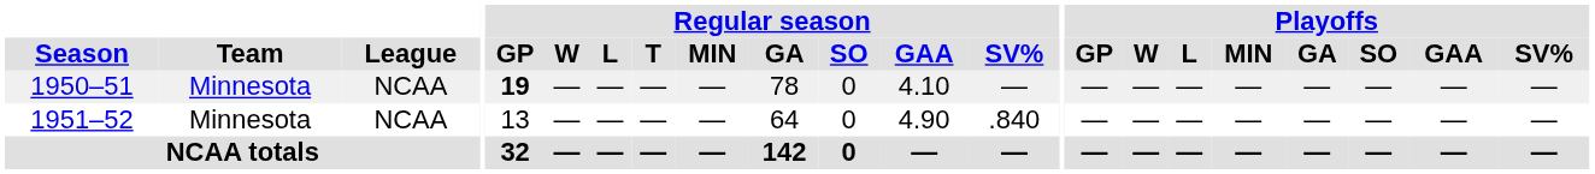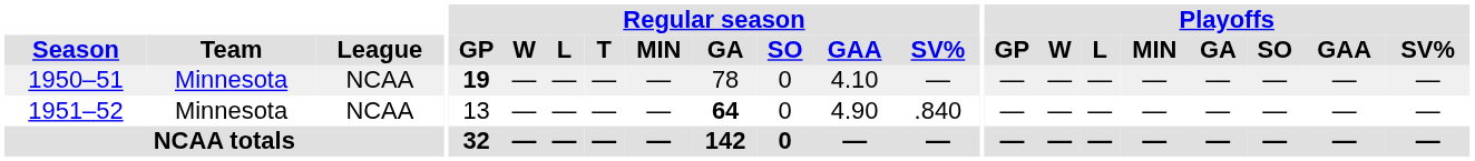 <table border="0" cellpadding="1" cellspacing="0" style="text-align:center; width:60em">
 <tr bgcolor="#e0e0e0">
 <th colspan="3" bgcolor="#ffffff"></th>
 <th rowspan="99" bgcolor="#ffffff"></th>
 <th colspan="9"><a href='#'>Regular season</a></th>
 <th rowspan="99" bgcolor="#ffffff"></th>
 <th colspan="8"><a href='#'>Playoffs</a></th>
 </tr>
 <tr bgcolor="#e0e0e0">
 <th><a href='#'>Season</a></th>
 <th>Team</th>
 <th>League</th>
 <th>GP</th>
 <th>W</th>
 <th>L</th>
 <th>T</th>
 <th>MIN</th>
 <th>GA</th>
 <th><a href='#'>SO</a></th>
 <th><a href='#'>GAA</a></th>
 <th><a href='#'>SV%</a></th>
 <th>GP</th>
 <th>W</th>
 <th>L</th>
 <th>MIN</th>
 <th>GA</th>
 <th>SO</th>
 <th>GAA</th>
 <th>SV%</th>
 </tr>
 <tr bgcolor="#f0f0f0">
 <td><a href='#'>1950–51</a></td>
 <td><a href='#'>Minnesota</a></td>
 <td>NCAA</td>
 <td><strong>19</strong></td>
 <td>—</td>
 <td>—</td>
 <td>—</td>
 <td>—</td>
 <td>78</td>
 <td>0</td>
 <td>4.10</td>
 <td>—</td>
 <td>—</td>
 <td>—</td>
 <td>—</td>
 <td>—</td>
 <td>—</td>
 <td>—</td>
 <td>—</td>
 <td>—</td>
 </tr>
 <tr>
 <td><a href='#'>1951–52</a></td>
 <td>Minnesota</td>
 <td>NCAA</td>
 <td>13</td>
 <td>—</td>
 <td>—</td>
 <td>—</td>
 <td>—</td>
-<td>64</td>
+<td><strong>64</strong></td>
 <td>0</td>
 <td>4.90</td>
 <td>.840</td>
 <td>—</td>
 <td>—</td>
 <td>—</td>
 <td>—</td>
 <td>—</td>
 <td>—</td>
 <td>—</td>
 <td>—</td>
 </tr>
 <tr bgcolor="#e0e0e0">
 <th colspan="3">NCAA totals</th>
 <th>32</th>
 <th>—</th>
 <th>—</th>
 <th>—</th>
 <th>—</th>
 <th>142</th>
 <th>0</th>
 <th>—</th>
 <th>—</th>
 <th>—</th>
 <th>—</th>
 <th>—</th>
 <th>—</th>
 <th>—</th>
 <th>—</th>
 <th>—</th>
 <th>—</th>
 </tr>
 </table>
